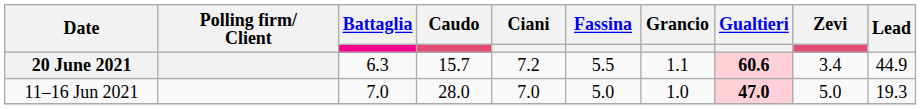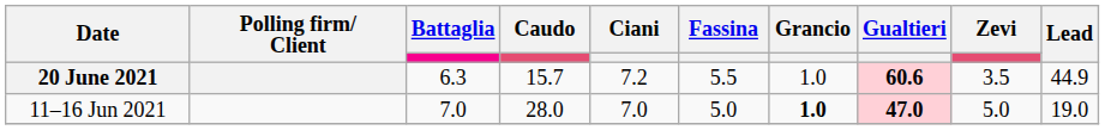 <table class=wikitable style="text-align:center;font-size:85%;line-height:13px">
 <tr style="height:30px; background-color:#E9E9E9">
 <th style="width:110px;" rowspan="2">Date</th>
 <th style="width:130px;" rowspan="2">Polling firm/<br>Client</th>
 <th style="width:50px;"><a href='#'>Battaglia</a></th>
 <th style="width:50px;">Caudo</th>
 <th style="width:50px;">Ciani</th>
 <th style="width:50px;"><a href='#'>Fassina</a></th>
 <th style="width:50px;">Grancio</th>
 <th style="width:50px;"><a href='#'>Gualtieri</a></th>
 <th style="width:50px;">Zevi</th>
 <th style="width:30px;" rowspan="2">Lead</th>
 </tr>
 <tr>
 <td style="color:inherit;background:#F7008E"></td>
 <td bgcolor="#E54C72"></td>
 <th style="color:inherit;background:"></th>
 <th style="color:inherit;background:"></th>
 <th style="color:inherit;background:"></th>
 <th style="color:inherit;background:"></th>
 <td style="color:inherit;background:#E54C72"></td>
 </tr>
 <tr>
 <th><strong>20 June 2021</strong></th>
 <th></th>
 <td>6.3</td>
 <td>15.7</td>
 <td>7.2</td>
 <td>5.5</td>
-<td>1.1</td>
+<td>1.0</td>
 <td style="background:#FFD0D7"><strong>60.6</strong></td>
-<td>3.4</td>
+<td>3.5</td>
 <td style="background:">44.9</td>
 </tr>
 <tr>
 <td>11–16 Jun 2021</td>
 <td></td>
 <td>7.0</td>
 <td>28.0</td>
 <td>7.0</td>
 <td>5.0</td>
-<td>1.0</td>
+<td><strong>1.0</strong></td>
 <td style="background:#FFD0D7"><strong>47.0</strong></td>
 <td>5.0</td>
-<td style="background:">19.3</td>
+<td style="background:">19.0</td>
 </tr>
 <tr>
 </tr>
 </table>
